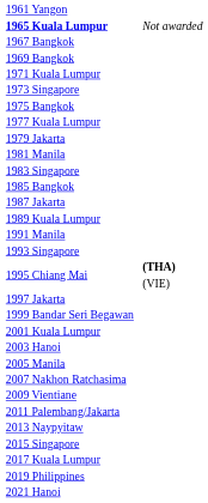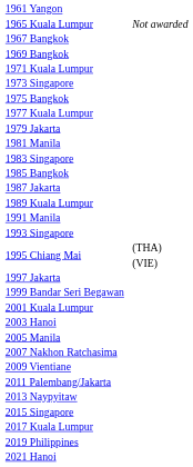 <table>
 <tr>
 <td><a href='#'>1961 Yangon</a><br></td>
 <td></td>
 <td></td>
 <td></td>
 </tr>
 <tr>
-<td><strong><a href='#'>1965 Kuala Lumpur</a><br></strong></td>
+<td><a href='#'>1965 Kuala Lumpur</a><br></td>
 <td></td>
 <td></td>
 <td><em>Not awarded</em></td>
 </tr>
 <tr>
 <td rowspan=2><a href='#'>1967 Bangkok</a><br></td>
 <td rowspan=2></td>
 <td rowspan=2></td>
 <td></td>
 </tr>
 <tr>
 <td></td>
 </tr>
 <tr>
 <td rowspan=2><a href='#'>1969 Bangkok</a><br></td>
 <td rowspan=2></td>
 <td rowspan=2></td>
 <td></td>
 </tr>
 <tr>
 <td></td>
 </tr>
 <tr>
 <td rowspan=2><a href='#'>1971 Kuala Lumpur</a><br></td>
 <td rowspan=2></td>
 <td rowspan=2></td>
 <td></td>
 </tr>
 <tr>
 <td></td>
 </tr>
 <tr>
 <td rowspan=2><a href='#'>1973 Singapore</a><br></td>
 <td rowspan=2></td>
 <td rowspan=2></td>
 <td></td>
 </tr>
 <tr>
 <td></td>
 </tr>
 <tr>
 <td rowspan=2><a href='#'>1975 Bangkok</a><br></td>
 <td rowspan=2></td>
 <td rowspan=2></td>
 <td></td>
 </tr>
 <tr>
 <td></td>
 </tr>
 <tr>
 <td rowspan=2><a href='#'>1977 Kuala Lumpur</a><br></td>
 <td rowspan=2></td>
 <td rowspan=2></td>
 <td></td>
 </tr>
 <tr>
 <td></td>
 </tr>
 <tr>
 <td rowspan=2><a href='#'>1979 Jakarta</a><br></td>
 <td rowspan=2></td>
 <td rowspan=2></td>
 <td></td>
 </tr>
 <tr>
 <td></td>
 </tr>
 <tr>
 <td rowspan=2><a href='#'>1981 Manila</a><br></td>
 <td rowspan=2></td>
 <td rowspan=2></td>
 <td></td>
 </tr>
 <tr>
 <td></td>
 </tr>
 <tr>
 <td rowspan=2><a href='#'>1983 Singapore</a><br></td>
 <td rowspan=2></td>
 <td rowspan=2></td>
 <td></td>
 </tr>
 <tr>
 <td></td>
 </tr>
 <tr>
 <td rowspan=2><a href='#'>1985 Bangkok</a><br></td>
 <td rowspan=2></td>
 <td rowspan=2></td>
 <td></td>
 </tr>
 <tr>
 <td></td>
 </tr>
 <tr>
 <td rowspan=2><a href='#'>1987 Jakarta</a><br></td>
 <td rowspan=2></td>
 <td rowspan=2></td>
 <td></td>
 </tr>
 <tr>
 <td></td>
 </tr>
 <tr>
 <td rowspan=2><a href='#'>1989 Kuala Lumpur</a><br></td>
 <td rowspan=2></td>
 <td rowspan=2></td>
 <td></td>
 </tr>
 <tr>
 <td></td>
 </tr>
 <tr>
 <td rowspan=2><a href='#'>1991 Manila</a><br></td>
 <td rowspan=2></td>
 <td rowspan=2></td>
 <td></td>
 </tr>
 <tr>
 <td></td>
 </tr>
 <tr>
 <td rowspan=2><a href='#'>1993 Singapore</a><br></td>
 <td rowspan=2></td>
 <td rowspan=2></td>
 <td></td>
 </tr>
 <tr>
 <td></td>
 </tr>
 <tr>
 <td rowspan=2><a href='#'>1995 Chiang Mai</a><br></td>
 <td rowspan=2></td>
 <td rowspan=2></td>
-<td><strong> (THA)</strong></td>
+<td> (THA)</td>
 </tr>
 <tr>
 <td> (VIE)</td>
 </tr>
 <tr>
 <td rowspan=2><a href='#'>1997 Jakarta</a><br></td>
 <td rowspan=2></td>
 <td rowspan=2></td>
 <td></td>
 </tr>
 <tr>
 <td></td>
 </tr>
 <tr>
 <td rowspan=2><a href='#'>1999 Bandar Seri Begawan</a><br></td>
 <td rowspan=2></td>
 <td rowspan=2></td>
 <td></td>
 </tr>
 <tr>
 <td></td>
 </tr>
 <tr>
 <td rowspan=2><a href='#'>2001 Kuala Lumpur</a><br></td>
 <td rowspan=2></td>
 <td rowspan=2></td>
 <td></td>
 </tr>
 <tr>
 <td></td>
 </tr>
 <tr>
 <td rowspan=2><a href='#'>2003 Hanoi</a><br></td>
 <td rowspan=2></td>
 <td rowspan=2></td>
 <td></td>
 </tr>
 <tr>
 <td></td>
 </tr>
 <tr>
 <td rowspan=2><a href='#'>2005 Manila</a><br></td>
 <td rowspan=2></td>
 <td rowspan=2></td>
 <td></td>
 </tr>
 <tr>
 <td></td>
 </tr>
 <tr>
 <td rowspan=2><a href='#'>2007 Nakhon Ratchasima</a><br></td>
 <td rowspan=2></td>
 <td rowspan=2></td>
 <td></td>
 </tr>
 <tr>
 <td></td>
 </tr>
 <tr>
 <td rowspan=2><a href='#'>2009 Vientiane</a><br></td>
 <td rowspan=2></td>
 <td rowspan=2></td>
 <td></td>
 </tr>
 <tr>
 <td></td>
 </tr>
 <tr>
 <td rowspan=2><a href='#'>2011 Palembang/Jakarta</a><br></td>
 <td rowspan=2></td>
 <td rowspan=2></td>
 <td></td>
 </tr>
 <tr>
 <td></td>
 </tr>
 <tr>
 <td rowspan=2><a href='#'>2013 Naypyitaw</a><br></td>
 <td rowspan=2></td>
 <td rowspan=2></td>
 <td></td>
 </tr>
 <tr>
 <td></td>
 </tr>
 <tr>
 <td rowspan=2><a href='#'>2015 Singapore</a><br></td>
 <td rowspan=2></td>
 <td rowspan=2></td>
 <td></td>
 </tr>
 <tr>
 <td></td>
 </tr>
 <tr>
 <td rowspan=2><a href='#'>2017 Kuala Lumpur</a><br></td>
 <td rowspan=2></td>
 <td rowspan=2></td>
 <td></td>
 </tr>
 <tr>
 <td></td>
 </tr>
 <tr>
 <td rowspan=2><a href='#'>2019 Philippines</a><br></td>
 <td rowspan=2></td>
 <td rowspan=2></td>
 <td></td>
 </tr>
 <tr>
 <td></td>
 </tr>
 <tr>
 <td rowspan=2><a href='#'>2021 Hanoi</a><br></td>
 <td rowspan=2></td>
 <td rowspan=2></td>
 <td></td>
 </tr>
 <tr>
 <td></td>
 </tr>
 </table>
